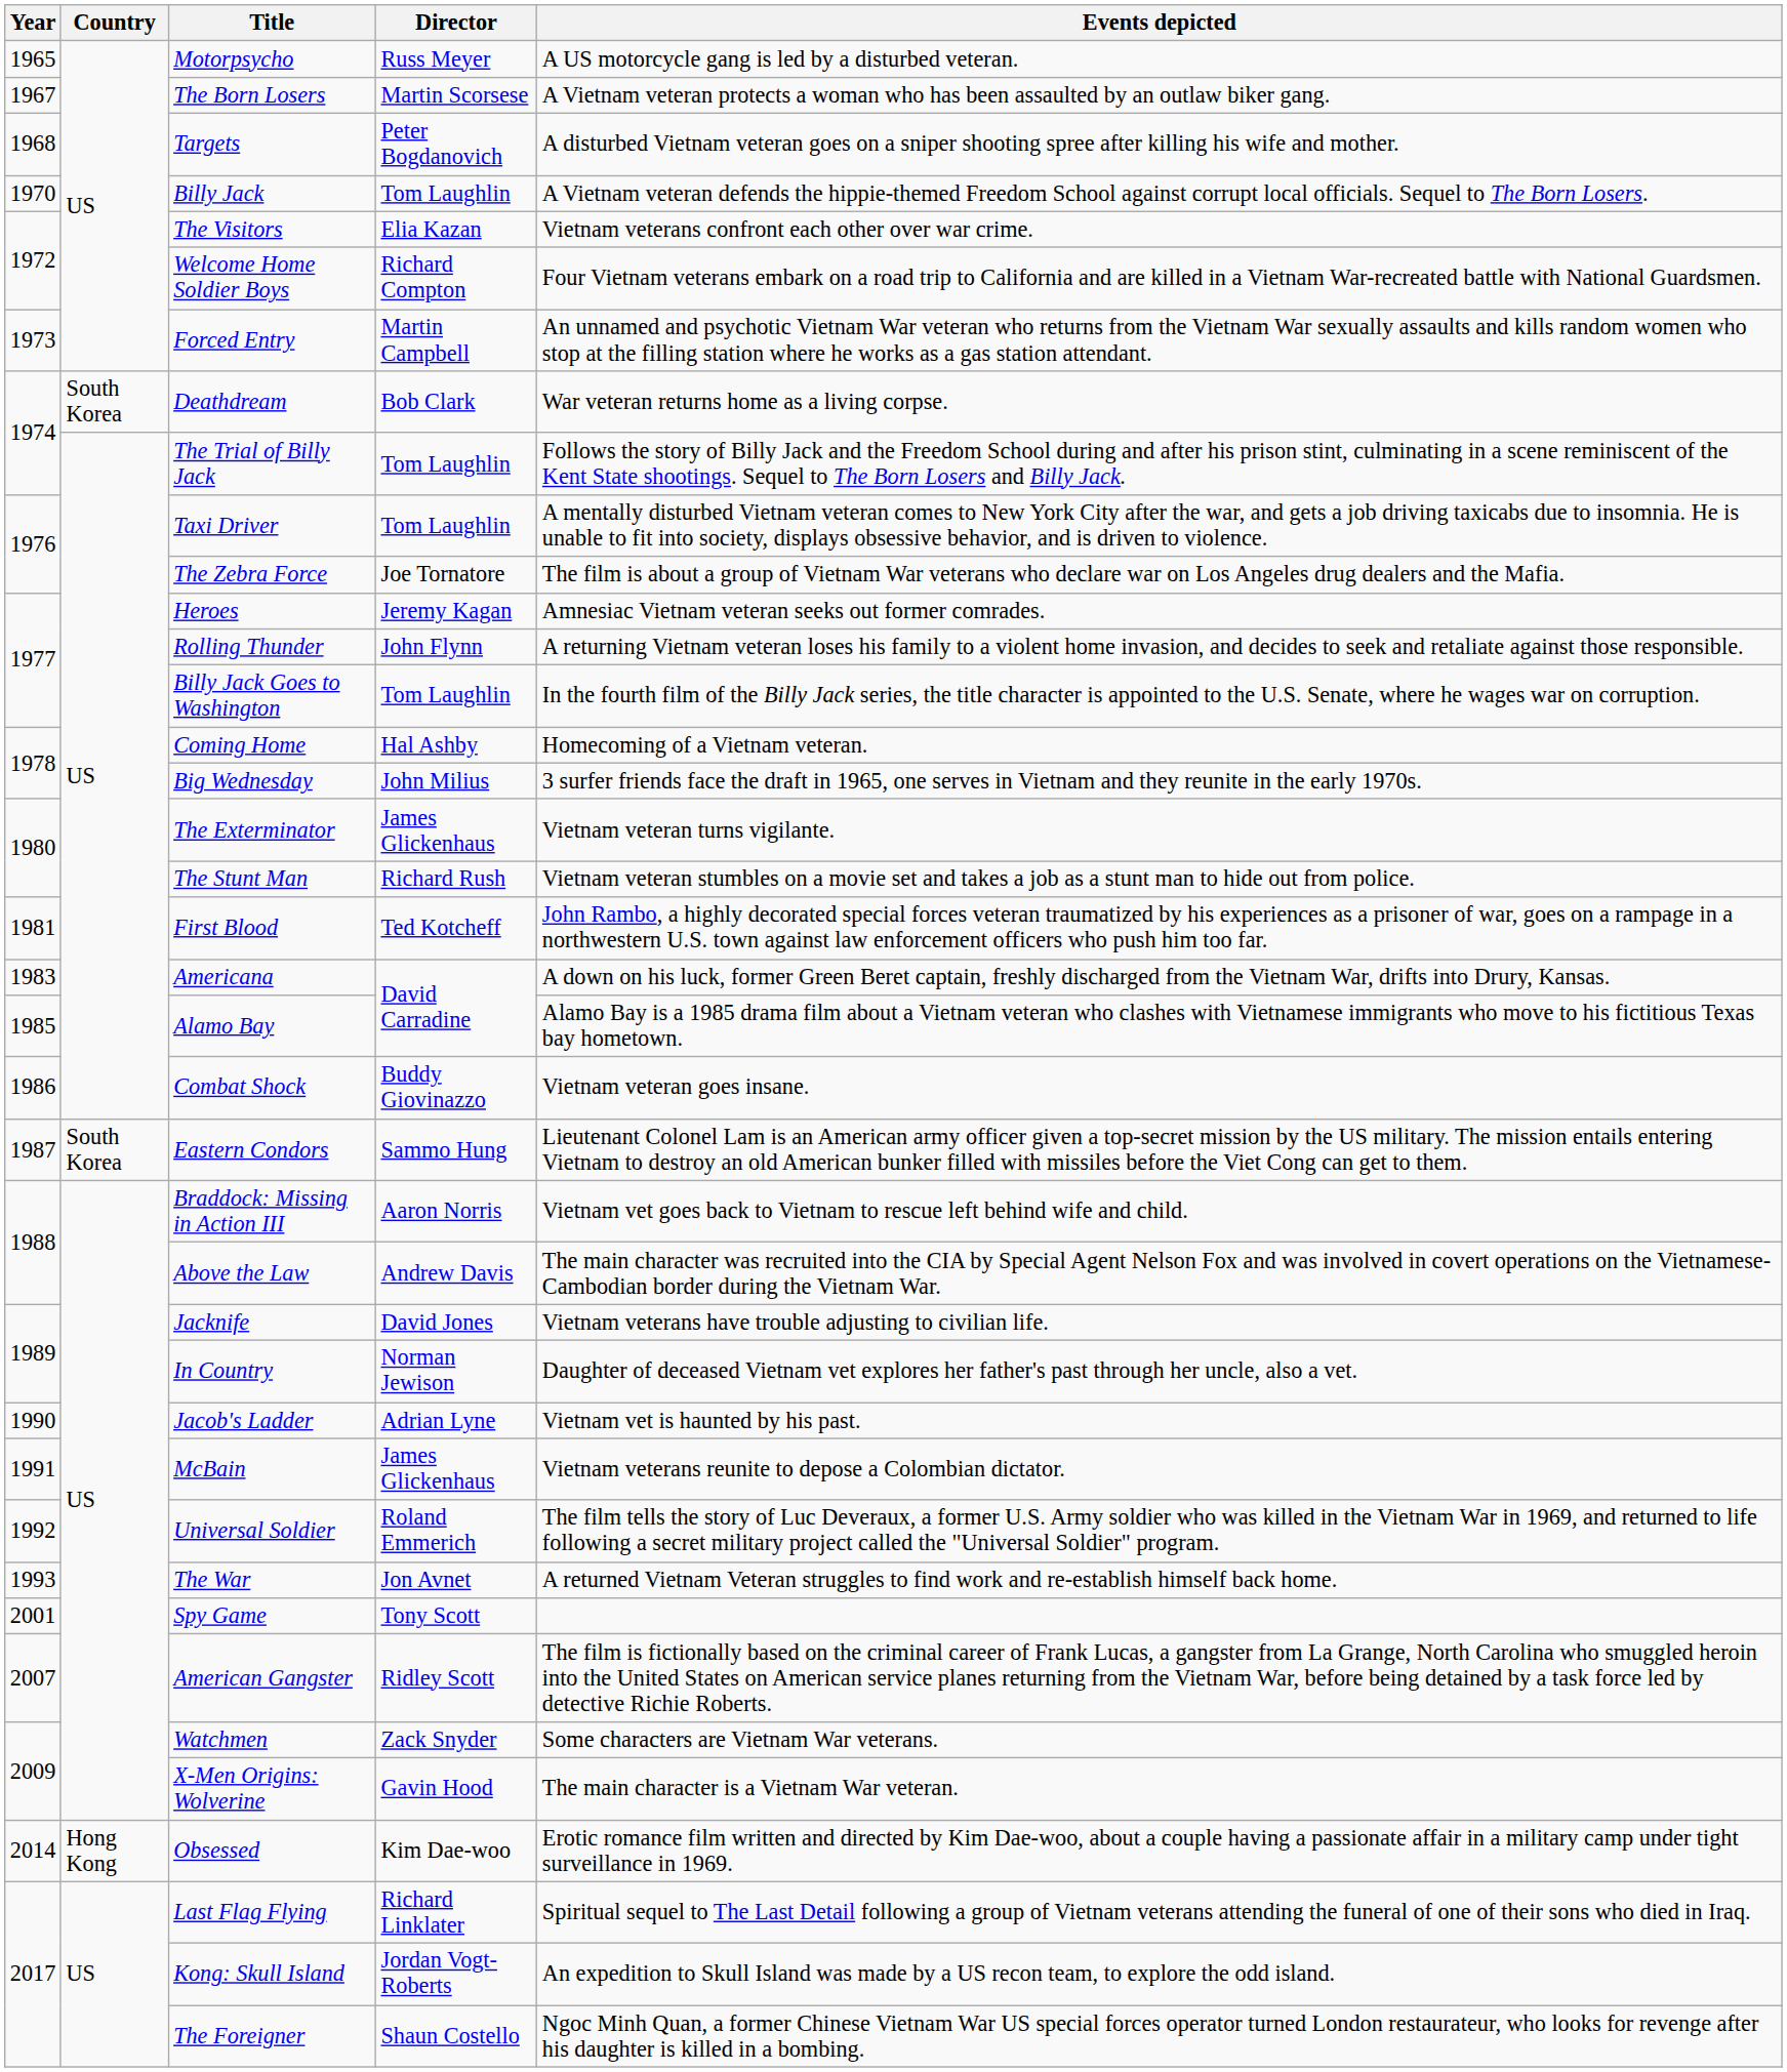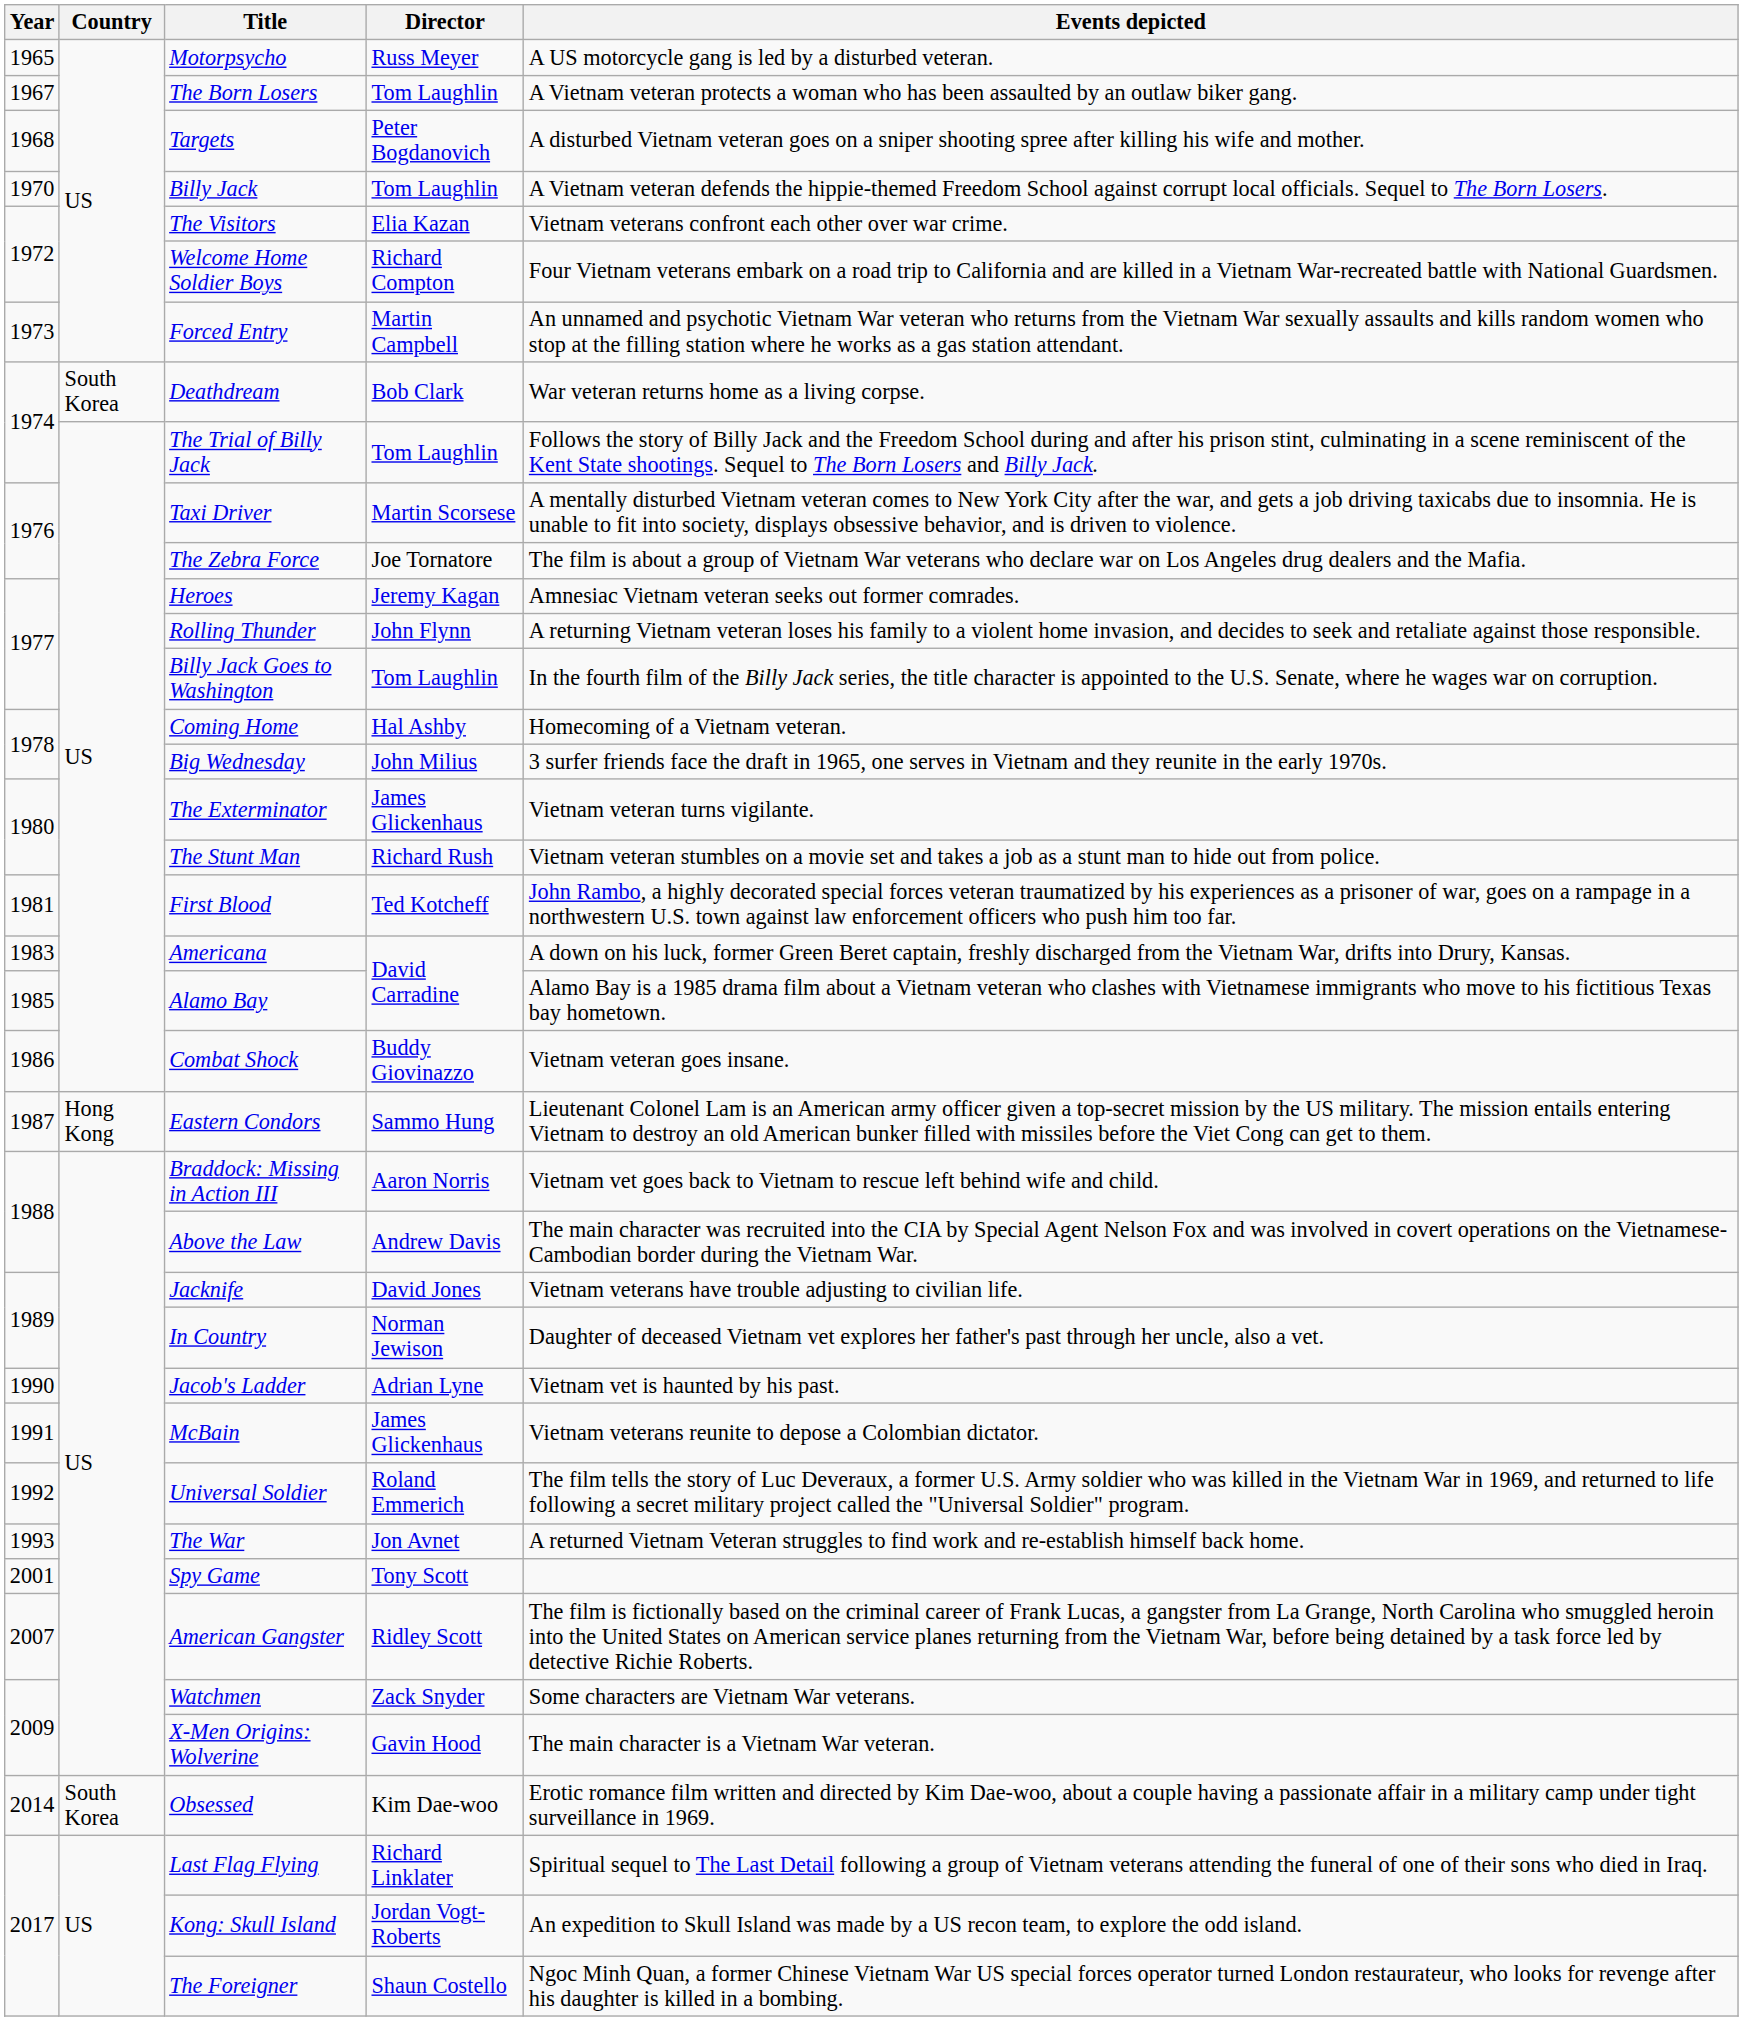 <table class="wikitable sortable">
 <tr>
 <th>Year</th>
 <th>Country</th>
 <th>Title</th>
 <th>Director</th>
 <th class="unsortable">Events depicted</th>
 </tr>
 <tr>
 <td>1965</td>
 <td rowspan="7">US</td>
 <td><em><a href='#'>Motorpsycho</a></em></td>
 <td><a href='#'>Russ Meyer</a></td>
 <td>A US motorcycle gang is led by a disturbed veteran.</td>
 </tr>
 <tr>
 <td>1967</td>
 <td><em><a href='#'>The Born Losers</a></em></td>
-<td><a href='#'>Martin Scorsese</a></td>
+<td><a href='#'>Tom Laughlin</a></td>
 <td>A Vietnam veteran protects a woman who has been assaulted by an outlaw biker gang.</td>
 </tr>
 <tr>
 <td>1968</td>
 <td><em><a href='#'>Targets</a></em></td>
 <td><a href='#'>Peter Bogdanovich</a></td>
 <td>A disturbed Vietnam veteran goes on a sniper shooting spree after killing his wife and mother.</td>
 </tr>
 <tr>
 <td>1970</td>
 <td><em><a href='#'>Billy Jack</a></em></td>
 <td><a href='#'>Tom Laughlin</a></td>
 <td>A Vietnam veteran defends the hippie-themed Freedom School against corrupt local officials. Sequel to <em><a href='#'>The Born Losers</a></em>.</td>
 </tr>
 <tr>
 <td rowspan="2">1972</td>
 <td><em><a href='#'>The Visitors</a></em></td>
 <td><a href='#'>Elia Kazan</a></td>
 <td>Vietnam veterans confront each other over war crime.</td>
 </tr>
 <tr>
 <td><em><a href='#'>Welcome Home Soldier Boys</a></em></td>
 <td><a href='#'>Richard Compton</a></td>
 <td>Four Vietnam veterans embark on a road trip to California and are killed in a Vietnam War-recreated battle with National Guardsmen.</td>
 </tr>
 <tr>
 <td>1973</td>
 <td><em><a href='#'>Forced Entry</a></em></td>
 <td><a href='#'>Martin Campbell</a></td>
 <td>An unnamed and psychotic Vietnam War veteran who returns from the Vietnam War sexually assaults and kills random women who stop at the filling station where he works as a gas station attendant.</td>
 </tr>
 <tr>
 <td rowspan="2">1974</td>
 <td>South Korea</td>
 <td><em><a href='#'>Deathdream</a></em></td>
 <td><a href='#'>Bob Clark</a></td>
 <td>War veteran returns home as a living corpse.</td>
 </tr>
 <tr>
 <td rowspan="14">US</td>
 <td><em><a href='#'>The Trial of Billy Jack</a></em></td>
 <td><a href='#'>Tom Laughlin</a></td>
 <td>Follows the story of Billy Jack and the Freedom School during and after his prison stint, culminating in a scene reminiscent of the <a href='#'>Kent State shootings</a>. Sequel to <em><a href='#'>The Born Losers</a></em> and <em><a href='#'>Billy Jack</a>.</em></td>
 </tr>
 <tr>
 <td rowspan="2">1976</td>
 <td><em><a href='#'>Taxi Driver</a></em></td>
-<td><a href='#'>Tom Laughlin</a></td>
+<td><a href='#'>Martin Scorsese</a></td>
 <td>A mentally disturbed Vietnam veteran comes to New York City after the war, and gets a job driving taxicabs due to insomnia. He is unable to fit into society, displays obsessive behavior, and is driven to violence.</td>
 </tr>
 <tr>
 <td><em><a href='#'>The Zebra Force</a></em></td>
 <td>Joe Tornatore</td>
 <td>The film is about a group of Vietnam War veterans who declare war on Los Angeles drug dealers and the Mafia.</td>
 </tr>
 <tr>
 <td rowspan="3">1977</td>
 <td><em><a href='#'>Heroes</a></em></td>
 <td><a href='#'>Jeremy Kagan</a></td>
 <td>Amnesiac Vietnam veteran seeks out former comrades.</td>
 </tr>
 <tr>
 <td><em><a href='#'>Rolling Thunder</a></em></td>
 <td><a href='#'>John Flynn</a></td>
 <td>A returning Vietnam veteran loses his family to a violent home invasion, and decides to seek and retaliate against those responsible.</td>
 </tr>
 <tr>
 <td><em><a href='#'>Billy Jack Goes to Washington</a></em></td>
 <td><a href='#'>Tom Laughlin</a></td>
 <td>In the fourth film of the <em>Billy Jack</em> series, the title character is appointed to the U.S. Senate, where he wages war on corruption.</td>
 </tr>
 <tr>
 <td rowspan="2">1978</td>
 <td><em><a href='#'>Coming Home</a></em></td>
 <td><a href='#'>Hal Ashby</a></td>
 <td>Homecoming of a Vietnam veteran.</td>
 </tr>
 <tr>
 <td><em><a href='#'>Big Wednesday</a></em></td>
 <td><a href='#'>John Milius</a></td>
 <td>3 surfer friends face the draft in 1965, one serves in Vietnam and they reunite in the early 1970s.</td>
 </tr>
 <tr>
 <td rowspan="2">1980</td>
 <td><em><a href='#'>The Exterminator</a></em></td>
 <td><a href='#'>James Glickenhaus</a></td>
 <td>Vietnam veteran turns vigilante.</td>
 </tr>
 <tr>
 <td><em><a href='#'>The Stunt Man</a></em></td>
 <td><a href='#'>Richard Rush</a></td>
 <td>Vietnam veteran stumbles on a movie set and takes a job as a stunt man to hide out from police.</td>
 </tr>
 <tr>
 <td>1981</td>
 <td><em><a href='#'>First Blood</a></em></td>
 <td><a href='#'>Ted Kotcheff</a></td>
 <td><a href='#'>John Rambo</a>, a highly decorated special forces veteran traumatized by his experiences as a prisoner of war, goes on a rampage in a northwestern U.S. town against law enforcement officers who push him too far.</td>
 </tr>
 <tr>
 <td>1983</td>
 <td><em><a href='#'>Americana</a></em></td>
 <td rowspan="2"><a href='#'>David Carradine</a></td>
 <td>A down on his luck, former Green Beret captain, freshly discharged from the Vietnam War, drifts into Drury, Kansas.</td>
 </tr>
 <tr>
 <td>1985</td>
 <td><em><a href='#'>Alamo Bay</a></em></td>
 <td>Alamo Bay is a 1985 drama film about a Vietnam veteran who clashes with Vietnamese immigrants who move to his fictitious Texas bay hometown.</td>
 </tr>
 <tr>
 <td>1986</td>
 <td><em><a href='#'>Combat Shock</a></em></td>
 <td><a href='#'>Buddy Giovinazzo</a></td>
 <td>Vietnam veteran goes insane.</td>
 </tr>
 <tr>
 <td>1987</td>
-<td>South Korea</td>
+<td>Hong Kong</td>
 <td><em><a href='#'>Eastern Condors</a></em></td>
 <td><a href='#'>Sammo Hung</a></td>
 <td>Lieutenant Colonel Lam is an American army officer given a top-secret mission by the US military. The mission entails entering Vietnam to destroy an old American bunker filled with missiles before the Viet Cong can get to them.</td>
 </tr>
 <tr>
 <td rowspan="2">1988</td>
 <td rowspan="12">US</td>
 <td><em><a href='#'>Braddock: Missing in Action III</a></em></td>
 <td><a href='#'>Aaron Norris</a></td>
 <td>Vietnam vet goes back to Vietnam to rescue left behind wife and child.</td>
 </tr>
 <tr>
 <td><em><a href='#'>Above the Law</a></em></td>
 <td><a href='#'>Andrew Davis</a></td>
 <td>The main character was recruited into the CIA by Special Agent Nelson Fox and was involved in covert operations on the Vietnamese-Cambodian border during the Vietnam War.</td>
 </tr>
 <tr>
 <td rowspan="2">1989</td>
 <td><em><a href='#'>Jacknife</a></em></td>
 <td><a href='#'>David Jones</a></td>
 <td>Vietnam veterans have trouble adjusting to civilian life.</td>
 </tr>
 <tr>
 <td><em><a href='#'>In Country</a></em></td>
 <td><a href='#'>Norman Jewison</a></td>
 <td>Daughter of deceased Vietnam vet explores her father's past through her uncle, also a vet.</td>
 </tr>
 <tr>
 <td>1990</td>
 <td><em><a href='#'>Jacob's Ladder</a></em></td>
 <td><a href='#'>Adrian Lyne</a></td>
 <td>Vietnam vet is haunted by his past.</td>
 </tr>
 <tr>
 <td>1991</td>
 <td><em><a href='#'>McBain</a></em></td>
 <td><a href='#'>James Glickenhaus</a></td>
 <td>Vietnam veterans reunite to depose a Colombian dictator.</td>
 </tr>
 <tr>
 <td>1992</td>
 <td><em><a href='#'>Universal Soldier</a></em></td>
 <td><a href='#'>Roland Emmerich</a></td>
 <td>The film tells the story of Luc Deveraux, a former U.S. Army soldier who was killed in the Vietnam War in 1969, and returned to life following a secret military project called the "Universal Soldier" program.</td>
 </tr>
 <tr>
 <td>1993</td>
 <td><em><a href='#'>The War</a></em></td>
 <td><a href='#'>Jon Avnet</a></td>
 <td>A returned Vietnam Veteran struggles to find work and re-establish himself back home.</td>
 </tr>
 <tr>
 <td>2001</td>
 <td><em><a href='#'>Spy Game</a></em></td>
 <td><a href='#'>Tony Scott</a></td>
 <td></td>
 </tr>
 <tr>
 <td>2007</td>
 <td><em><a href='#'>American Gangster</a></em></td>
 <td><a href='#'>Ridley Scott</a></td>
 <td>The film is fictionally based on the criminal career of Frank Lucas, a gangster from La Grange, North Carolina who smuggled heroin into the United States on American service planes returning from the Vietnam War, before being detained by a task force led by detective Richie Roberts.</td>
 </tr>
 <tr>
 <td rowspan="2">2009</td>
 <td><em><a href='#'>Watchmen</a></em></td>
 <td><a href='#'>Zack Snyder</a></td>
 <td>Some characters are Vietnam War veterans.</td>
 </tr>
 <tr>
 <td><em><a href='#'>X-Men Origins: Wolverine</a></em></td>
 <td><a href='#'>Gavin Hood</a></td>
 <td>The main character is a Vietnam War veteran.</td>
 </tr>
 <tr>
 <td>2014</td>
-<td>Hong Kong</td>
+<td>South Korea</td>
 <td><em><a href='#'>Obsessed</a></em></td>
 <td>Kim Dae-woo</td>
 <td>Erotic romance film written and directed by Kim Dae-woo, about a couple having a passionate affair in a military camp under tight surveillance in 1969.</td>
 </tr>
 <tr>
 <td rowspan="3">2017</td>
 <td rowspan="3">US</td>
 <td><em><a href='#'>Last Flag Flying</a></em></td>
 <td><a href='#'>Richard Linklater</a></td>
 <td>Spiritual sequel to <a href='#'>The Last Detail</a> following a group of Vietnam veterans attending the funeral of one of their sons who died in Iraq.</td>
 </tr>
 <tr>
 <td><em><a href='#'>Kong: Skull Island</a></em></td>
 <td><a href='#'>Jordan Vogt-Roberts</a></td>
 <td>An expedition to Skull Island was made by a US recon team, to explore the odd island.</td>
 </tr>
 <tr>
 <td><em><a href='#'>The Foreigner</a></em></td>
 <td><a href='#'>Shaun Costello</a></td>
 <td>Ngoc Minh Quan, a former Chinese Vietnam War US special forces operator turned London restaurateur, who looks for revenge after his daughter is killed in a bombing.<br> </td>
 </tr>
 </table>
